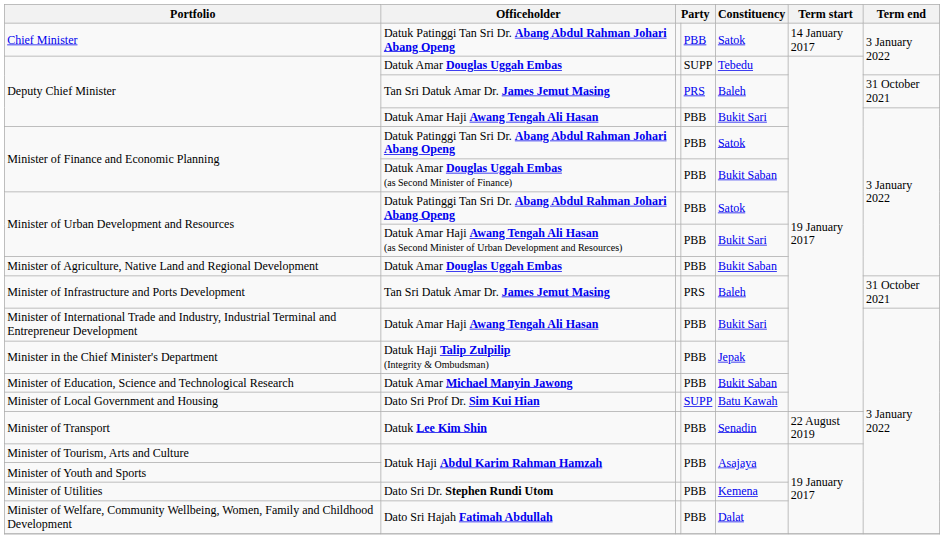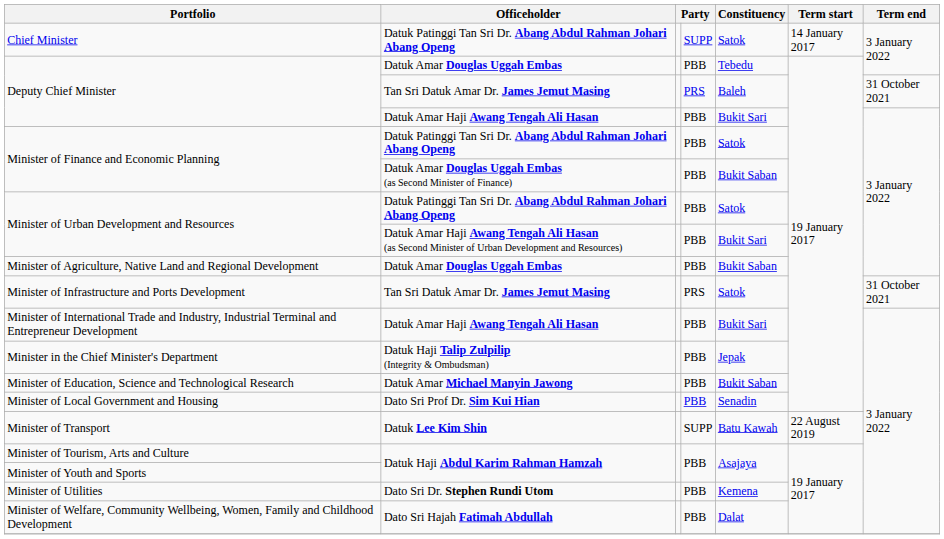 <table class="wikitable sortable">
 <tr>
 <th>Portfolio</th>
 <th>Officeholder</th>
 <th colspan="2">Party</th>
 <th>Constituency</th>
 <th>Term start</th>
 <th>Term end</th>
 </tr>
 <tr>
 <td><a href='#'>Chief Minister</a></td>
 <td>Datuk Patinggi Tan Sri  Dr. <strong><a href='#'>Abang Abdul Rahman Johari Abang Openg</a></strong></td>
 <td style="background:"></td>
-<td><a href='#'>PBB</a></td>
+<td><a href='#'>SUPP</a></td>
 <td><a href='#'>Satok</a></td>
 <td>14 January 2017</td>
 <td rowspan="2">3 January 2022</td>
 </tr>
 <tr>
 <td rowspan="3">Deputy Chief Minister</td>
 <td>Datuk Amar <strong><a href='#'>Douglas Uggah Embas</a></strong></td>
 <td style="background:"></td>
-<td>SUPP</td>
+<td>PBB</td>
 <td><a href='#'>Tebedu</a></td>
 <td rowspan="13">19 January 2017</td>
 </tr>
 <tr>
 <td>Tan Sri Datuk Amar Dr. <strong><a href='#'>James Jemut Masing</a></strong></td>
 <td style="background:"></td>
 <td><a href='#'>PRS</a></td>
 <td><a href='#'>Baleh</a></td>
 <td>31 October 2021</td>
 </tr>
 <tr>
 <td>Datuk Amar Haji <strong><a href='#'>Awang Tengah Ali Hasan</a></strong></td>
 <td style="background:"></td>
 <td>PBB</td>
 <td><a href='#'>Bukit Sari</a></td>
 <td rowspan="6">3 January 2022</td>
 </tr>
 <tr>
 <td rowspan="2">Minister of Finance and Economic Planning</td>
 <td>Datuk Patinggi Tan Sri Dr. <strong><a href='#'>Abang Abdul Rahman Johari Abang Openg</a></strong></td>
 <td style="background:"></td>
 <td>PBB</td>
 <td><a href='#'>Satok</a></td>
 </tr>
 <tr>
 <td>Datuk Amar <strong><a href='#'>Douglas Uggah Embas</a></strong><br><small>(as Second Minister of Finance)</small></td>
 <td style="background:"></td>
 <td>PBB</td>
 <td><a href='#'>Bukit Saban</a></td>
 </tr>
 <tr>
 <td rowspan="2">Minister of Urban Development and Resources</td>
 <td>Datuk Patinggi Tan Sri Dr. <strong><a href='#'>Abang Abdul Rahman Johari Abang Openg</a></strong></td>
 <td style="background:"></td>
 <td>PBB</td>
 <td><a href='#'>Satok</a></td>
 </tr>
 <tr>
 <td>Datuk Amar Haji <strong><a href='#'>Awang Tengah Ali Hasan</a></strong><br><small>(as Second Minister of Urban Development and Resources)</small></td>
 <td style="background:"></td>
 <td>PBB</td>
 <td><a href='#'>Bukit Sari</a></td>
 </tr>
 <tr>
 <td>Minister of Agriculture, Native Land and Regional Development</td>
 <td>Datuk Amar <strong><a href='#'>Douglas Uggah Embas</a></strong></td>
 <td style="background:"></td>
 <td>PBB</td>
 <td><a href='#'>Bukit Saban</a></td>
 </tr>
 <tr>
 <td>Minister of Infrastructure and Ports Development</td>
 <td>Tan Sri Datuk Amar Dr. <strong><a href='#'>James Jemut Masing</a></strong></td>
 <td style="background:"></td>
 <td>PRS</td>
-<td><a href='#'>Baleh</a></td>
+<td><a href='#'>Satok</a></td>
 <td>31 October 2021</td>
 </tr>
 <tr>
 <td>Minister of International Trade and Industry, Industrial Terminal and Entrepreneur Development</td>
 <td>Datuk Amar Haji <strong><a href='#'>Awang Tengah Ali Hasan</a></strong></td>
 <td style="background:"></td>
 <td>PBB</td>
 <td><a href='#'>Bukit Sari</a></td>
 <td rowspan="9">3 January 2022</td>
 </tr>
 <tr>
 <td>Minister in the Chief Minister's Department</td>
 <td>Datuk Haji <strong><a href='#'>Talip Zulpilip</a></strong><br><small>(Integrity & Ombudsman)</small></td>
 <td style="background:"></td>
 <td>PBB</td>
 <td><a href='#'>Jepak</a></td>
 </tr>
 <tr>
 <td>Minister of Education, Science and Technological Research</td>
 <td>Datuk Amar <strong><a href='#'>Michael Manyin Jawong</a></strong></td>
 <td style="background:"></td>
 <td>PBB</td>
 <td><a href='#'>Bukit Saban</a></td>
 </tr>
 <tr>
 <td>Minister of Local Government and Housing</td>
 <td>Dato Sri Prof Dr. <strong><a href='#'>Sim Kui Hian</a></strong></td>
 <td style="background:"></td>
-<td><a href='#'>SUPP</a></td>
-<td><a href='#'>Batu Kawah</a></td>
+<td><a href='#'>PBB</a></td>
+<td><a href='#'>Senadin</a></td>
 </tr>
 <tr>
 <td>Minister of Transport</td>
 <td>Datuk <strong><a href='#'>Lee Kim Shin</a></strong></td>
 <td style="background:"></td>
-<td>PBB</td>
-<td><a href='#'>Senadin</a></td>
+<td>SUPP</td>
+<td><a href='#'>Batu Kawah</a></td>
 <td>22 August 2019</td>
 </tr>
 <tr>
 <td>Minister of Tourism, Arts and Culture</td>
 <td rowspan="2">Datuk Haji <strong><a href='#'>Abdul Karim Rahman Hamzah</a></strong></td>
 <td rowspan="2" style="background:"></td>
 <td rowspan="2">PBB</td>
 <td rowspan="2"><a href='#'>Asajaya</a></td>
 <td rowspan="4">19 January 2017</td>
 </tr>
 <tr>
 <td>Minister of Youth and Sports</td>
 </tr>
 <tr>
 <td>Minister of Utilities</td>
 <td>Dato Sri Dr. <strong>Stephen Rundi Utom</strong></td>
 <td style="background:"></td>
 <td>PBB</td>
 <td><a href='#'>Kemena</a></td>
 </tr>
 <tr>
 <td>Minister of Welfare, Community Wellbeing, Women, Family and Childhood Development</td>
 <td>Dato Sri Hajah <strong><a href='#'>Fatimah Abdullah</a></strong></td>
 <td style="background:"></td>
 <td>PBB</td>
 <td><a href='#'>Dalat</a></td>
 </tr>
 <tr>
 </tr>
 </table>
